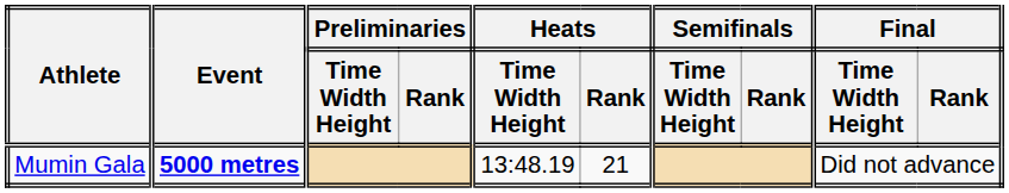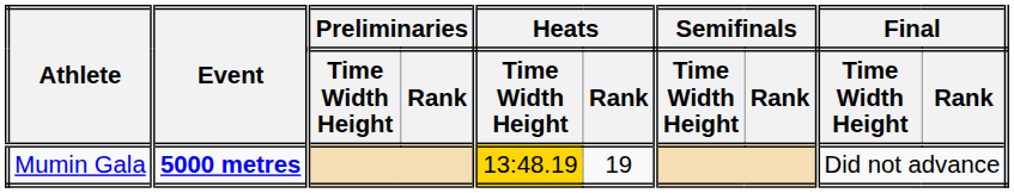 <table class=wikitable style="font-size:90%; border: double;">
 <tr>
 <th rowspan="2" style="border-right:double">Athlete</th>
 <th rowspan="2" style="border-right:double">Event</th>
 <th colspan="2" style="border-right:double; border-bottom:double;">Preliminaries</th>
 <th colspan="2" style="border-right:double; border-bottom:double;">Heats</th>
 <th colspan="2" style="border-right:double; border-bottom:double;">Semifinals</th>
 <th colspan="2" style="border-right:double; border-bottom:double;">Final</th>
 </tr>
 <tr>
 <th>Time<br>Width<br>Height</th>
 <th style="border-right:double">Rank</th>
 <th>Time<br>Width<br>Height</th>
 <th style="border-right:double">Rank</th>
 <th>Time<br>Width<br>Height</th>
 <th style="border-right:double">Rank</th>
 <th>Time<br>Width<br>Height</th>
 <th style="border-right:double">Rank</th>
 </tr>
 <tr style="border-top: double;">
 <td style="border-right:double"><a href='#'>Mumin Gala</a></td>
 <td style="border-right:double"><strong><a href='#'>5000 metres</a></strong></td>
 <td style="border-right:double" colspan= 2 bgcolor="wheat"></td>
-<td align=center>13:48.19</td>
-<td align=center style="border-right:double">21</td>
+<td align=center style="background: gold;">13:48.19</td>
+<td align=center style="border-right:double">19</td>
 <td style="border-right:double" colspan= 2 bgcolor="wheat"></td>
 <td colspan="2" align=center>Did not advance</td>
 </tr>
 </table>
